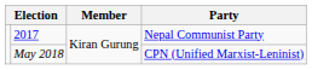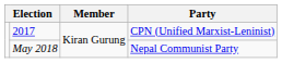 <table class="wikitable">
 <tr>
 <th colspan="2">Election</th>
 <th>Member</th>
 <th>Party</th>
 </tr>
 <tr>
 <td rowspan="2" style="background-color:"></td>
 <td><a href='#'>2017</a></td>
 <td rowspan="2">Kiran Gurung</td>
-<td><a href='#'>Nepal Communist Party</a></td>
+<td><a href='#'>CPN (Unified Marxist-Leninist)</a></td>
 </tr>
 <tr>
 <td><em>May 2018</em></td>
-<td><a href='#'>CPN (Unified Marxist-Leninist)</a></td>
+<td><a href='#'>Nepal Communist Party</a></td>
 </tr>
 </table>
